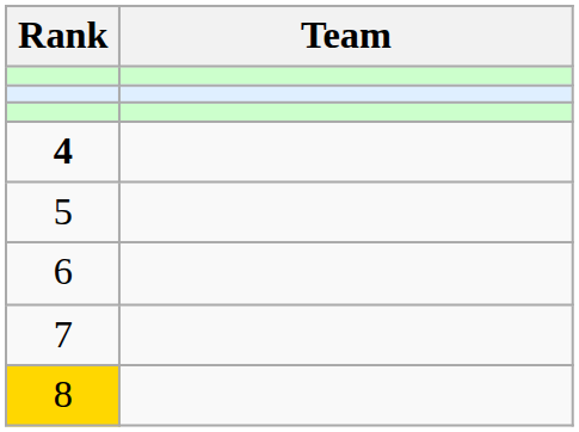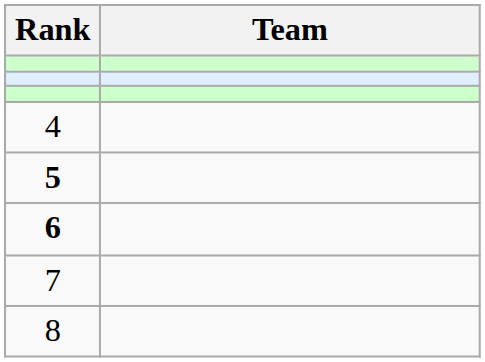 <table class="wikitable" style="text-align: center;">
 <tr>
 <th width=40>Rank</th>
 <th width=180>Team</th>
 </tr>
 <tr bgcolor=#ccffcc align=center>
 <td></td>
 <td style="text-align:left;"></td>
 </tr>
 <tr bgcolor=#dfefff align=center>
 <td></td>
 <td style="text-align:left;"></td>
 </tr>
 <tr bgcolor=#ccffcc align=center>
 <td></td>
 <td style="text-align:left;"></td>
 </tr>
 <tr>
-<td><strong>4</strong></td>
+<td>4</td>
 <td style="text-align:left;"></td>
 </tr>
 <tr align=center>
-<td>5</td>
+<td><strong>5</strong></td>
 <td style="text-align:left;"></td>
 </tr>
 <tr align=center>
-<td>6</td>
+<td><strong>6</strong></td>
 <td style="text-align:left;"></td>
 </tr>
 <tr align=center>
 <td>7</td>
 <td style="text-align:left;"></td>
 </tr>
 <tr align=center>
-<td style="background: gold;">8</td>
+<td>8</td>
 <td style="text-align:left;"></td>
 </tr>
 </table>
